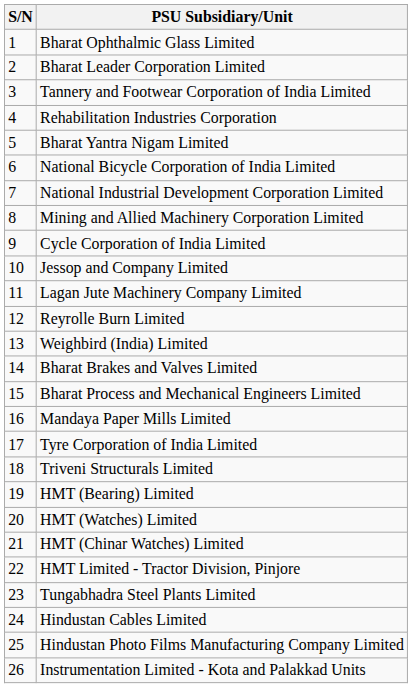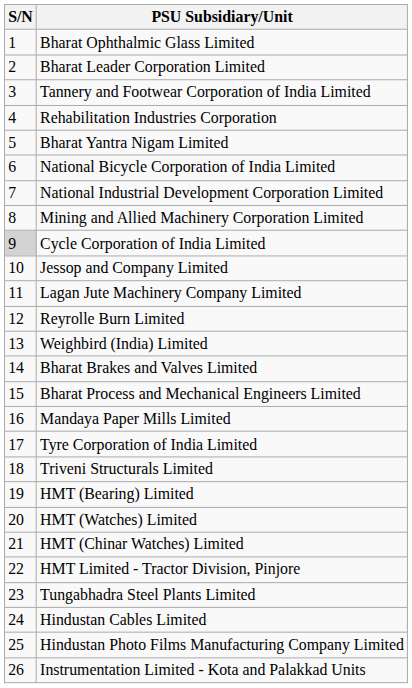 <table class="wikitable">
 <tr>
 <th>S/N</th>
 <th>PSU Subsidiary/Unit</th>
 </tr>
 <tr>
 <td>1</td>
 <td>Bharat Ophthalmic Glass Limited</td>
 </tr>
 <tr>
 <td>2</td>
 <td>Bharat Leader Corporation Limited</td>
 </tr>
 <tr>
 <td>3</td>
 <td>Tannery and Footwear Corporation of India Limited</td>
 </tr>
 <tr>
 <td>4</td>
 <td>Rehabilitation Industries Corporation</td>
 </tr>
 <tr>
 <td>5</td>
 <td>Bharat Yantra Nigam Limited</td>
 </tr>
 <tr>
 <td>6</td>
 <td>National Bicycle Corporation of India Limited</td>
 </tr>
 <tr>
 <td>7</td>
 <td>National Industrial Development Corporation Limited</td>
 </tr>
 <tr>
 <td>8</td>
 <td>Mining and Allied Machinery Corporation Limited</td>
 </tr>
 <tr>
-<td>9</td>
+<td style="background: lightgrey;">9</td>
 <td>Cycle Corporation of India Limited</td>
 </tr>
 <tr>
 <td>10</td>
 <td>Jessop and Company Limited</td>
 </tr>
 <tr>
 <td>11</td>
 <td>Lagan Jute Machinery Company Limited</td>
 </tr>
 <tr>
 <td>12</td>
 <td>Reyrolle Burn Limited</td>
 </tr>
 <tr>
 <td>13</td>
 <td>Weighbird (India) Limited</td>
 </tr>
 <tr>
 <td>14</td>
 <td>Bharat Brakes and Valves Limited</td>
 </tr>
 <tr>
 <td>15</td>
 <td>Bharat Process and Mechanical Engineers Limited</td>
 </tr>
 <tr>
 <td>16</td>
 <td>Mandaya Paper Mills Limited</td>
 </tr>
 <tr>
 <td>17</td>
 <td>Tyre Corporation of India Limited</td>
 </tr>
 <tr>
 <td>18</td>
 <td>Triveni Structurals Limited</td>
 </tr>
 <tr>
 <td>19</td>
 <td>HMT (Bearing) Limited</td>
 </tr>
 <tr>
 <td>20</td>
 <td>HMT (Watches) Limited</td>
 </tr>
 <tr>
 <td>21</td>
 <td>HMT (Chinar Watches) Limited</td>
 </tr>
 <tr>
 <td>22</td>
 <td>HMT Limited - Tractor Division, Pinjore</td>
 </tr>
 <tr>
 <td>23</td>
 <td>Tungabhadra Steel Plants Limited</td>
 </tr>
 <tr>
 <td>24</td>
 <td>Hindustan Cables Limited</td>
 </tr>
 <tr>
 <td>25</td>
 <td>Hindustan Photo Films Manufacturing Company Limited</td>
 </tr>
 <tr>
 <td>26</td>
 <td>Instrumentation Limited - Kota and Palakkad Units</td>
 </tr>
 </table>
